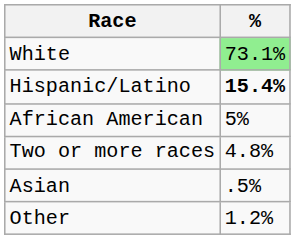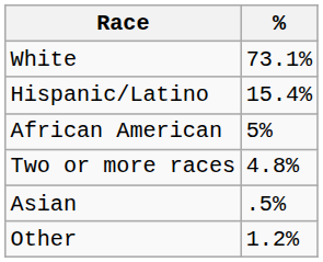 <table class="wikitable">
 <tr>
 <th>Race</th>
 <th>%</th>
 </tr>
 <tr>
 <td>White</td>
-<td style="background: lightgreen;">73.1%</td>
+<td>73.1%</td>
 </tr>
 <tr>
 <td>Hispanic/Latino</td>
-<td><strong>15.4%</strong></td>
+<td>15.4%</td>
 </tr>
 <tr>
 <td>African American</td>
 <td>5%</td>
 </tr>
 <tr>
 <td>Two or more races</td>
 <td>4.8%</td>
 </tr>
 <tr>
 <td>Asian</td>
 <td>.5%</td>
 </tr>
 <tr>
 <td>Other</td>
 <td>1.2%</td>
 </tr>
 </table>
